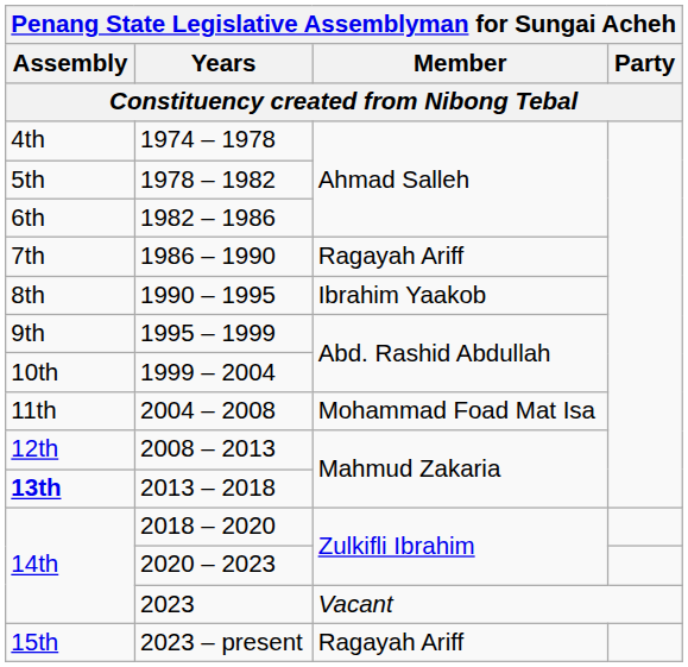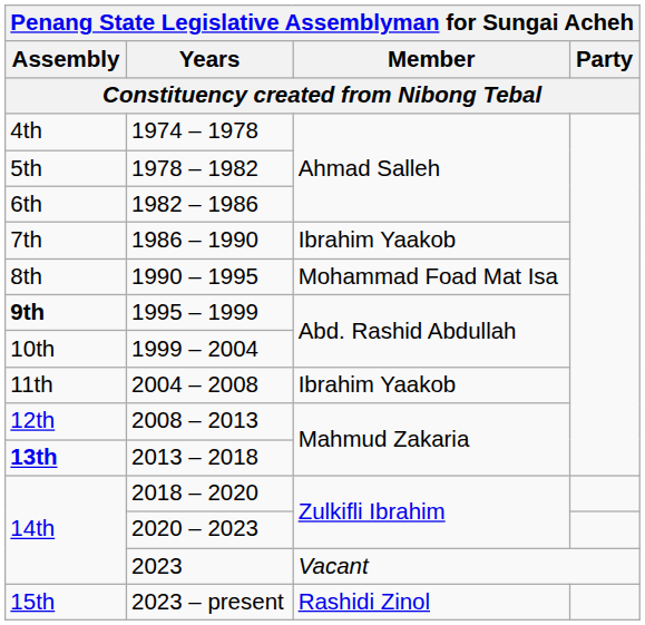 <table class="wikitable">
 <tr>
 <th colspan="4"><a href='#'>Penang State Legislative Assemblyman</a> for Sungai Acheh</th>
 </tr>
 <tr>
 <th>Assembly</th>
 <th>Years</th>
 <th>Member</th>
 <th>Party</th>
 </tr>
 <tr>
 <th colspan="4" align="center"><em>Constituency created from Nibong Tebal</em></th>
 </tr>
 <tr>
 <td>4th</td>
 <td>1974 – 1978</td>
 <td rowspan="3">Ahmad Salleh</td>
 <td rowspan="10"></td>
 </tr>
 <tr>
 <td>5th</td>
 <td>1978 – 1982</td>
 </tr>
 <tr>
 <td>6th</td>
 <td>1982 – 1986</td>
 </tr>
 <tr>
 <td>7th</td>
 <td>1986 – 1990</td>
-<td>Ragayah Ariff</td>
+<td>Ibrahim Yaakob</td>
 </tr>
 <tr>
 <td>8th</td>
 <td>1990 – 1995</td>
-<td>Ibrahim Yaakob</td>
+<td>Mohammad Foad Mat Isa</td>
 </tr>
 <tr>
-<td>9th</td>
+<td><strong>9th</strong></td>
 <td>1995 – 1999</td>
 <td rowspan="2">Abd. Rashid Abdullah</td>
 </tr>
 <tr>
 <td>10th</td>
 <td>1999 – 2004</td>
 </tr>
 <tr>
 <td>11th</td>
 <td>2004 – 2008</td>
-<td>Mohammad Foad Mat Isa</td>
+<td>Ibrahim Yaakob</td>
 </tr>
 <tr>
 <td><a href='#'>12th</a></td>
 <td>2008 – 2013</td>
 <td rowspan="2">Mahmud Zakaria</td>
 </tr>
 <tr>
 <td><strong><a href='#'>13th</a></strong></td>
 <td>2013 – 2018</td>
 </tr>
 <tr>
 <td rowspan="3"><a href='#'>14th</a></td>
 <td>2018 – 2020</td>
 <td rowspan="2"><a href='#'>Zulkifli Ibrahim</a></td>
 <td></td>
 </tr>
 <tr>
 <td>2020 – 2023</td>
 <td></td>
 </tr>
 <tr>
 <td>2023</td>
 <td colspan="2"><em>Vacant</em></td>
 </tr>
 <tr>
 <td><a href='#'>15th</a></td>
 <td>2023 – present</td>
-<td>Ragayah Ariff</td>
+<td><a href='#'>Rashidi Zinol</a></td>
 <td></td>
 </tr>
 </table>
